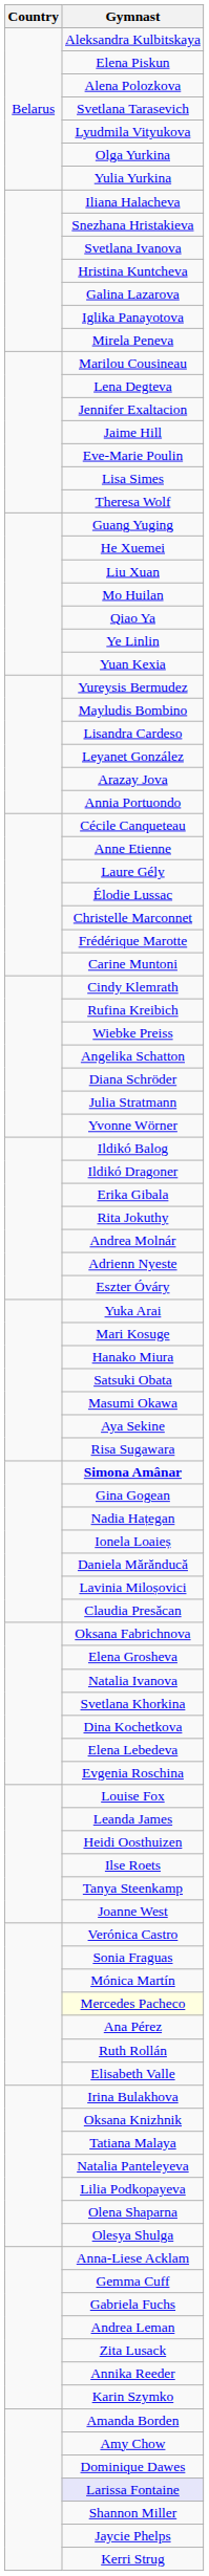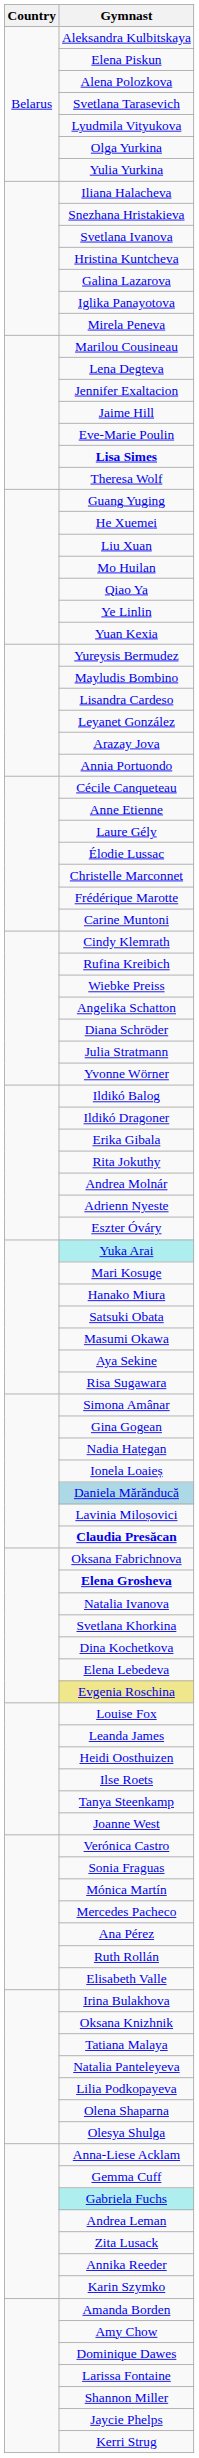 <table class="wikitable sortable" style="text-align:center; font-size:95%">
 <tr>
 <th>Country</th>
 <th>Gymnast</th>
 </tr>
 <tr>
 <td rowspan="7"> <a href='#'>Belarus</a></td>
 <td><a href='#'>Aleksandra Kulbitskaya</a></td>
 </tr>
 <tr>
 <td><a href='#'>Elena Piskun</a></td>
 </tr>
 <tr>
 <td><a href='#'>Alena Polozkova</a></td>
 </tr>
 <tr>
 <td><a href='#'>Svetlana Tarasevich</a></td>
 </tr>
 <tr>
 <td><a href='#'>Lyudmila Vityukova</a></td>
 </tr>
 <tr>
 <td><a href='#'>Olga Yurkina</a></td>
 </tr>
 <tr>
 <td><a href='#'>Yulia Yurkina</a></td>
 </tr>
 <tr>
 <td rowspan="7"></td>
 <td><a href='#'>Iliana Halacheva</a></td>
 </tr>
 <tr>
 <td><a href='#'>Snezhana Hristakieva</a></td>
 </tr>
 <tr>
 <td><a href='#'>Svetlana Ivanova</a></td>
 </tr>
 <tr>
 <td><a href='#'>Hristina Kuntcheva</a></td>
 </tr>
 <tr>
 <td><a href='#'>Galina Lazarova</a></td>
 </tr>
 <tr>
 <td><a href='#'>Iglika Panayotova</a></td>
 </tr>
 <tr>
 <td><a href='#'>Mirela Peneva</a></td>
 </tr>
 <tr>
 <td rowspan="7"></td>
 <td><a href='#'>Marilou Cousineau</a></td>
 </tr>
 <tr>
 <td><a href='#'>Lena Degteva</a></td>
 </tr>
 <tr>
 <td><a href='#'>Jennifer Exaltacion</a></td>
 </tr>
 <tr>
 <td><a href='#'>Jaime Hill</a></td>
 </tr>
 <tr>
 <td><a href='#'>Eve-Marie Poulin</a></td>
 </tr>
 <tr>
-<td><a href='#'>Lisa Simes</a></td>
+<td><strong><a href='#'>Lisa Simes</a></strong></td>
 </tr>
 <tr>
 <td><a href='#'>Theresa Wolf</a></td>
 </tr>
 <tr>
 <td rowspan="7"></td>
 <td><a href='#'>Guang Yuging</a></td>
 </tr>
 <tr>
 <td><a href='#'>He Xuemei</a></td>
 </tr>
 <tr>
 <td><a href='#'>Liu Xuan</a></td>
 </tr>
 <tr>
 <td><a href='#'>Mo Huilan</a></td>
 </tr>
 <tr>
 <td><a href='#'>Qiao Ya</a></td>
 </tr>
 <tr>
 <td><a href='#'>Ye Linlin</a></td>
 </tr>
 <tr>
 <td><a href='#'>Yuan Kexia</a></td>
 </tr>
 <tr>
 <td rowspan="6"></td>
 <td><a href='#'>Yureysis Bermudez</a></td>
 </tr>
 <tr>
 <td><a href='#'>Mayludis Bombino</a></td>
 </tr>
 <tr>
 <td><a href='#'>Lisandra Cardeso</a></td>
 </tr>
 <tr>
 <td><a href='#'>Leyanet González</a></td>
 </tr>
 <tr>
 <td><a href='#'>Arazay Jova</a></td>
 </tr>
 <tr>
 <td><a href='#'>Annia Portuondo</a></td>
 </tr>
 <tr>
 <td rowspan="7"></td>
 <td><a href='#'>Cécile Canqueteau</a></td>
 </tr>
 <tr>
 <td><a href='#'>Anne Etienne</a></td>
 </tr>
 <tr>
 <td><a href='#'>Laure Gély</a></td>
 </tr>
 <tr>
 <td><a href='#'>Élodie Lussac</a></td>
 </tr>
 <tr>
 <td><a href='#'>Christelle Marconnet</a></td>
 </tr>
 <tr>
 <td><a href='#'>Frédérique Marotte</a></td>
 </tr>
 <tr>
 <td><a href='#'>Carine Muntoni</a></td>
 </tr>
 <tr>
 <td rowspan="7"></td>
 <td><a href='#'>Cindy Klemrath</a></td>
 </tr>
 <tr>
 <td><a href='#'>Rufina Kreibich</a></td>
 </tr>
 <tr>
 <td><a href='#'>Wiebke Preiss</a></td>
 </tr>
 <tr>
 <td><a href='#'>Angelika Schatton</a></td>
 </tr>
 <tr>
 <td><a href='#'>Diana Schröder</a></td>
 </tr>
 <tr>
 <td><a href='#'>Julia Stratmann</a></td>
 </tr>
 <tr>
 <td><a href='#'>Yvonne Wörner</a></td>
 </tr>
 <tr>
 <td rowspan="7"></td>
 <td><a href='#'>Ildikó Balog</a></td>
 </tr>
 <tr>
 <td><a href='#'>Ildikó Dragoner</a></td>
 </tr>
 <tr>
 <td><a href='#'>Erika Gibala</a></td>
 </tr>
 <tr>
 <td><a href='#'>Rita Jokuthy</a></td>
 </tr>
 <tr>
 <td><a href='#'>Andrea Molnár</a></td>
 </tr>
 <tr>
 <td><a href='#'>Adrienn Nyeste</a></td>
 </tr>
 <tr>
 <td><a href='#'>Eszter Óváry</a></td>
 </tr>
 <tr>
 <td rowspan="7"></td>
-<td><a href='#'>Yuka Arai</a></td>
+<td style="background: paleturquoise;"><a href='#'>Yuka Arai</a></td>
 </tr>
 <tr>
 <td><a href='#'>Mari Kosuge</a></td>
 </tr>
 <tr>
 <td><a href='#'>Hanako Miura</a></td>
 </tr>
 <tr>
 <td><a href='#'>Satsuki Obata</a></td>
 </tr>
 <tr>
 <td><a href='#'>Masumi Okawa</a></td>
 </tr>
 <tr>
 <td><a href='#'>Aya Sekine</a></td>
 </tr>
 <tr>
 <td><a href='#'>Risa Sugawara</a></td>
 </tr>
 <tr>
 <td rowspan="7"></td>
-<td><strong><a href='#'>Simona Amânar</a></strong></td>
+<td><a href='#'>Simona Amânar</a></td>
 </tr>
 <tr>
 <td><a href='#'>Gina Gogean</a></td>
 </tr>
 <tr>
 <td><a href='#'>Nadia Hațegan</a></td>
 </tr>
 <tr>
 <td><a href='#'>Ionela Loaieș</a></td>
 </tr>
 <tr>
-<td><a href='#'>Daniela Mărănducă</a></td>
+<td style="background: lightblue;"><a href='#'>Daniela Mărănducă</a></td>
 </tr>
 <tr>
 <td><a href='#'>Lavinia Miloșovici</a></td>
 </tr>
 <tr>
-<td><a href='#'>Claudia Presăcan</a></td>
+<td><strong><a href='#'>Claudia Presăcan</a></strong></td>
 </tr>
 <tr>
 <td rowspan="7"></td>
 <td><a href='#'>Oksana Fabrichnova</a></td>
 </tr>
 <tr>
-<td><a href='#'>Elena Grosheva</a></td>
+<td><strong><a href='#'>Elena Grosheva</a></strong></td>
 </tr>
 <tr>
 <td><a href='#'>Natalia Ivanova</a></td>
 </tr>
 <tr>
 <td><a href='#'>Svetlana Khorkina</a></td>
 </tr>
 <tr>
 <td><a href='#'>Dina Kochetkova</a></td>
 </tr>
 <tr>
 <td><a href='#'>Elena Lebedeva</a></td>
 </tr>
 <tr>
-<td><a href='#'>Evgenia Roschina</a></td>
+<td style="background: khaki;"><a href='#'>Evgenia Roschina</a></td>
 </tr>
 <tr>
 <td rowspan="6"></td>
 <td><a href='#'>Louise Fox</a></td>
 </tr>
 <tr>
 <td><a href='#'>Leanda James</a></td>
 </tr>
 <tr>
 <td><a href='#'>Heidi Oosthuizen</a></td>
 </tr>
 <tr>
 <td><a href='#'>Ilse Roets</a></td>
 </tr>
 <tr>
 <td><a href='#'>Tanya Steenkamp</a></td>
 </tr>
 <tr>
 <td><a href='#'>Joanne West</a></td>
 </tr>
 <tr>
 <td rowspan="7"></td>
 <td><a href='#'>Verónica Castro</a></td>
 </tr>
 <tr>
 <td><a href='#'>Sonia Fraguas</a></td>
 </tr>
 <tr>
 <td><a href='#'>Mónica Martín</a></td>
 </tr>
 <tr>
-<td style="background: lightyellow;"><a href='#'>Mercedes Pacheco</a></td>
+<td><a href='#'>Mercedes Pacheco</a></td>
 </tr>
 <tr>
 <td><a href='#'>Ana Pérez</a></td>
 </tr>
 <tr>
 <td><a href='#'>Ruth Rollán</a></td>
 </tr>
 <tr>
 <td><a href='#'>Elisabeth Valle</a></td>
 </tr>
 <tr>
 <td rowspan="7"></td>
 <td><a href='#'>Irina Bulakhova</a></td>
 </tr>
 <tr>
 <td><a href='#'>Oksana Knizhnik</a></td>
 </tr>
 <tr>
 <td><a href='#'>Tatiana Malaya</a></td>
 </tr>
 <tr>
 <td><a href='#'>Natalia Panteleyeva</a></td>
 </tr>
 <tr>
 <td><a href='#'>Lilia Podkopayeva</a></td>
 </tr>
 <tr>
 <td><a href='#'>Olena Shaparna</a></td>
 </tr>
 <tr>
 <td><a href='#'>Olesya Shulga</a></td>
 </tr>
 <tr>
 <td rowspan="7"></td>
 <td><a href='#'>Anna-Liese Acklam</a></td>
 </tr>
 <tr>
 <td><a href='#'>Gemma Cuff</a></td>
 </tr>
 <tr>
-<td><a href='#'>Gabriela Fuchs</a></td>
+<td style="background: paleturquoise;"><a href='#'>Gabriela Fuchs</a></td>
 </tr>
 <tr>
 <td><a href='#'>Andrea Leman</a></td>
 </tr>
 <tr>
 <td><a href='#'>Zita Lusack</a></td>
 </tr>
 <tr>
 <td><a href='#'>Annika Reeder</a></td>
 </tr>
 <tr>
 <td><a href='#'>Karin Szymko</a></td>
 </tr>
 <tr>
 <td rowspan="7"></td>
 <td><a href='#'>Amanda Borden</a></td>
 </tr>
 <tr>
 <td><a href='#'>Amy Chow</a></td>
 </tr>
 <tr>
 <td><a href='#'>Dominique Dawes</a></td>
 </tr>
 <tr>
-<td style="background: lavender;"><a href='#'>Larissa Fontaine</a></td>
+<td><a href='#'>Larissa Fontaine</a></td>
 </tr>
 <tr>
 <td><a href='#'>Shannon Miller</a></td>
 </tr>
 <tr>
 <td><a href='#'>Jaycie Phelps</a></td>
 </tr>
 <tr>
 <td><a href='#'>Kerri Strug</a></td>
 </tr>
 </table>
